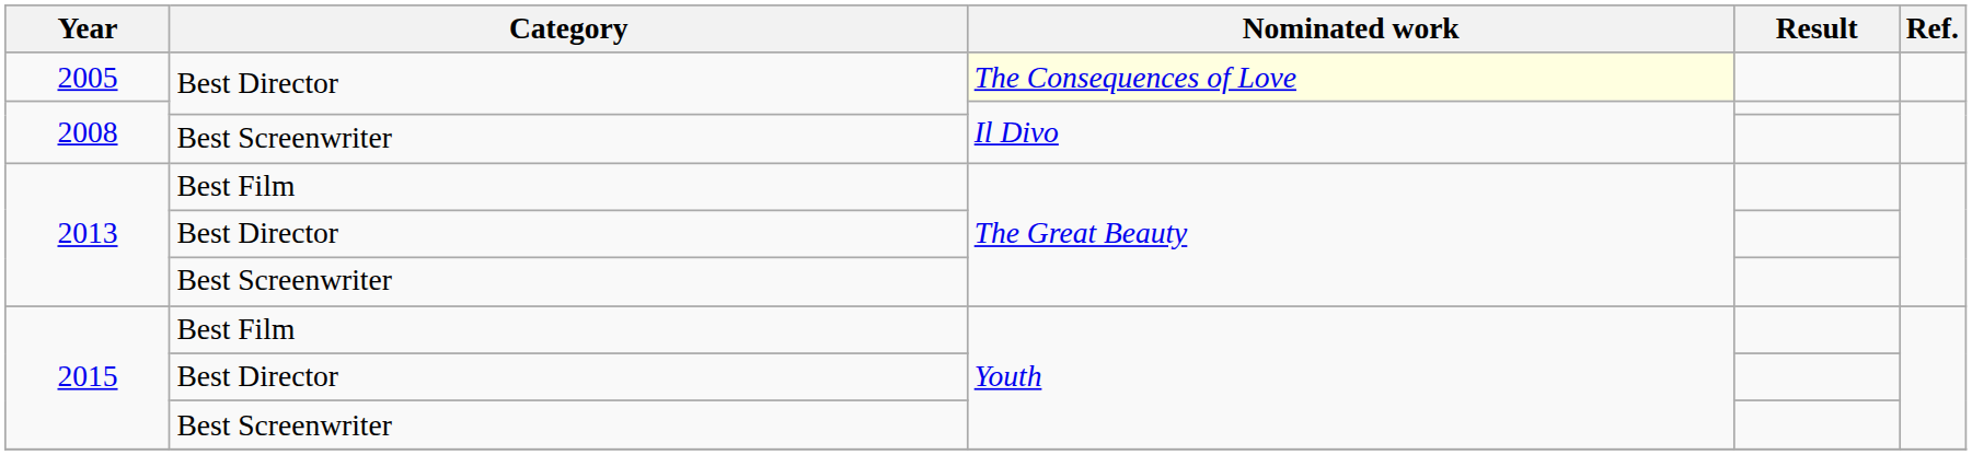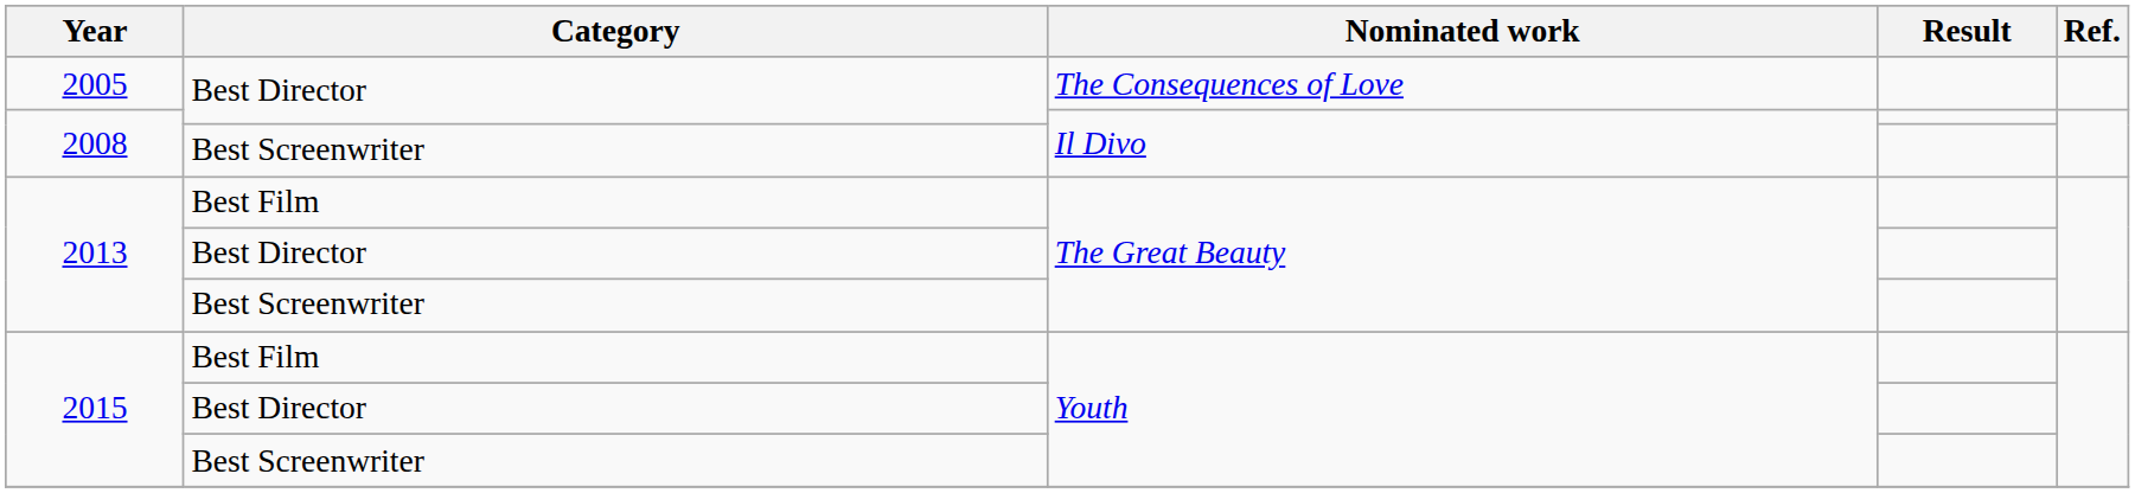 <table class=wikitable>
 <tr>
 <th scope="col" style="width:5em;">Year</th>
 <th scope="col" style="width:26em;">Category</th>
 <th scope="col" style="width:25em;">Nominated work</th>
 <th scope="col" style="width:5em;">Result</th>
 <th>Ref.</th>
 </tr>
 <tr>
 <td style="text-align:center;", rowspan="1"><a href='#'>2005</a></td>
 <td rowspan="2">Best Director</td>
-<td style="background: lightyellow;"><em><a href='#'>The Consequences of Love</a></em></td>
+<td><em><a href='#'>The Consequences of Love</a></em></td>
 <td></td>
 <td></td>
 </tr>
 <tr>
 <td style="text-align:center;", rowspan="2"><a href='#'>2008</a></td>
 <td rowspan="2"><em><a href='#'>Il Divo</a></em></td>
 <td></td>
 <td rowspan=2></td>
 </tr>
 <tr>
 <td>Best Screenwriter</td>
 <td></td>
 </tr>
 <tr>
 <td style="text-align:center;", rowspan="3"><a href='#'>2013</a></td>
 <td>Best Film</td>
 <td rowspan="3"><em><a href='#'>The Great Beauty</a></em></td>
 <td></td>
 <td rowspan=3></td>
 </tr>
 <tr>
 <td>Best Director</td>
 <td></td>
 </tr>
 <tr>
 <td>Best Screenwriter</td>
 <td></td>
 </tr>
 <tr>
 <td style="text-align:center;", rowspan="3"><a href='#'>2015</a></td>
 <td>Best Film</td>
 <td rowspan="3"><em><a href='#'>Youth</a></em></td>
 <td></td>
 <td rowspan=3></td>
 </tr>
 <tr>
 <td>Best Director</td>
 <td></td>
 </tr>
 <tr>
 <td>Best Screenwriter</td>
 <td></td>
 </tr>
 <tr>
 </tr>
 </table>
